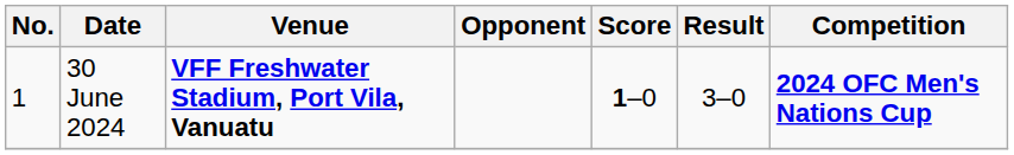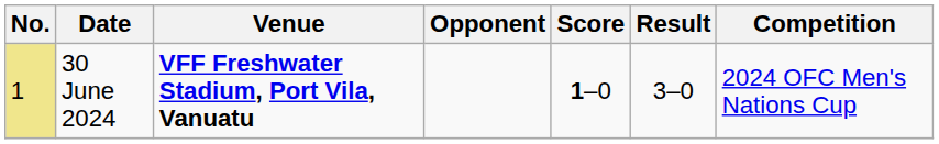 <table class="wikitable">
 <tr>
 <th>No.</th>
 <th>Date</th>
 <th>Venue</th>
 <th>Opponent</th>
 <th>Score</th>
 <th>Result</th>
 <th>Competition</th>
 </tr>
 <tr>
-<td>1</td>
+<td style="background: khaki;">1</td>
 <td>30 June 2024</td>
 <td><strong><a href='#'>VFF Freshwater Stadium</a>, <a href='#'>Port Vila</a>, Vanuatu</strong></td>
 <td></td>
 <td align=center><strong>1</strong>–0</td>
 <td align=center>3–0</td>
-<td><strong><a href='#'>2024 OFC Men's Nations Cup</a></strong></td>
+<td><a href='#'>2024 OFC Men's Nations Cup</a></td>
 </tr>
 <tr>
 </tr>
 </table>
